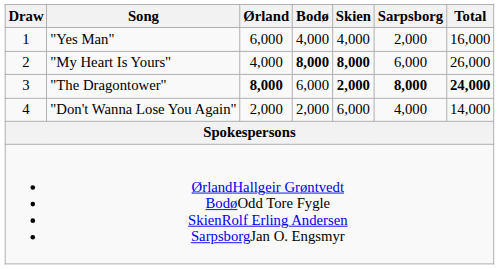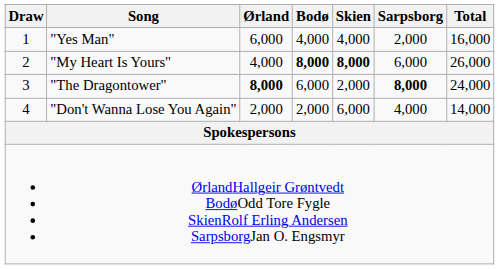 <table class="wikitable collapsible" style="margin: 1em auto 1em auto; text-align:center;">
 <tr>
 <th>Draw</th>
 <th>Song</th>
 <th>Ørland</th>
 <th>Bodø</th>
 <th>Skien</th>
 <th>Sarpsborg</th>
 <th>Total</th>
 </tr>
 <tr>
 <td>1</td>
 <td style="text-align:left;">"Yes Man"</td>
 <td>6,000</td>
 <td>4,000</td>
 <td>4,000</td>
 <td>2,000</td>
 <td>16,000</td>
 </tr>
 <tr>
 <td>2</td>
 <td style="text-align:left;">"My Heart Is Yours"</td>
 <td>4,000</td>
 <td><strong>8,000</strong></td>
 <td><strong>8,000</strong></td>
 <td>6,000</td>
 <td>26,000</td>
 </tr>
 <tr>
 <td>3</td>
 <td style="text-align:left;">"The Dragontower"</td>
 <td><strong>8,000</strong></td>
 <td>6,000</td>
-<td><strong>2,000</strong></td>
+<td>2,000</td>
 <td><strong>8,000</strong></td>
-<td><strong>24,000</strong></td>
+<td>24,000</td>
 </tr>
 <tr>
 <td>4</td>
 <td style="text-align:left;">"Don't Wanna Lose You Again"</td>
 <td>2,000</td>
 <td>2,000</td>
 <td>6,000</td>
 <td>4,000</td>
 <td>14,000</td>
 </tr>
 <tr>
 <th colspan="7">Spokespersons</th>
 </tr>
 <tr>
 <td colspan="7"><br><ul><li><a href='#'>Ørland</a><a href='#'>Hallgeir Grøntvedt</a></li><li><a href='#'>Bodø</a>Odd Tore Fygle</li><li><a href='#'>Skien</a><a href='#'>Rolf Erling Andersen</a></li><li><a href='#'>Sarpsborg</a>Jan O. Engsmyr</li></ul></td>
 </tr>
 </table>
